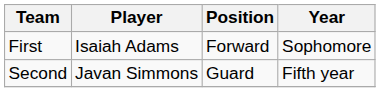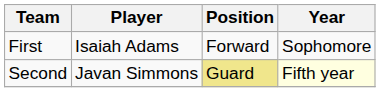 <table class="wikitable" border="1">
 <tr align=center>
 <th style=>Team</th>
 <th style=>Player</th>
 <th style=>Position</th>
 <th style=>Year</th>
 </tr>
 <tr>
 <td>First</td>
 <td>Isaiah Adams</td>
 <td>Forward</td>
 <td>Sophomore</td>
 </tr>
 <tr>
 <td>Second</td>
 <td>Javan Simmons</td>
-<td>Guard</td>
-<td>Fifth year</td>
+<td style="background: khaki;">Guard</td>
+<td style="background: lightyellow;">Fifth year</td>
 </tr>
 <tr>
 </tr>
 </table>
